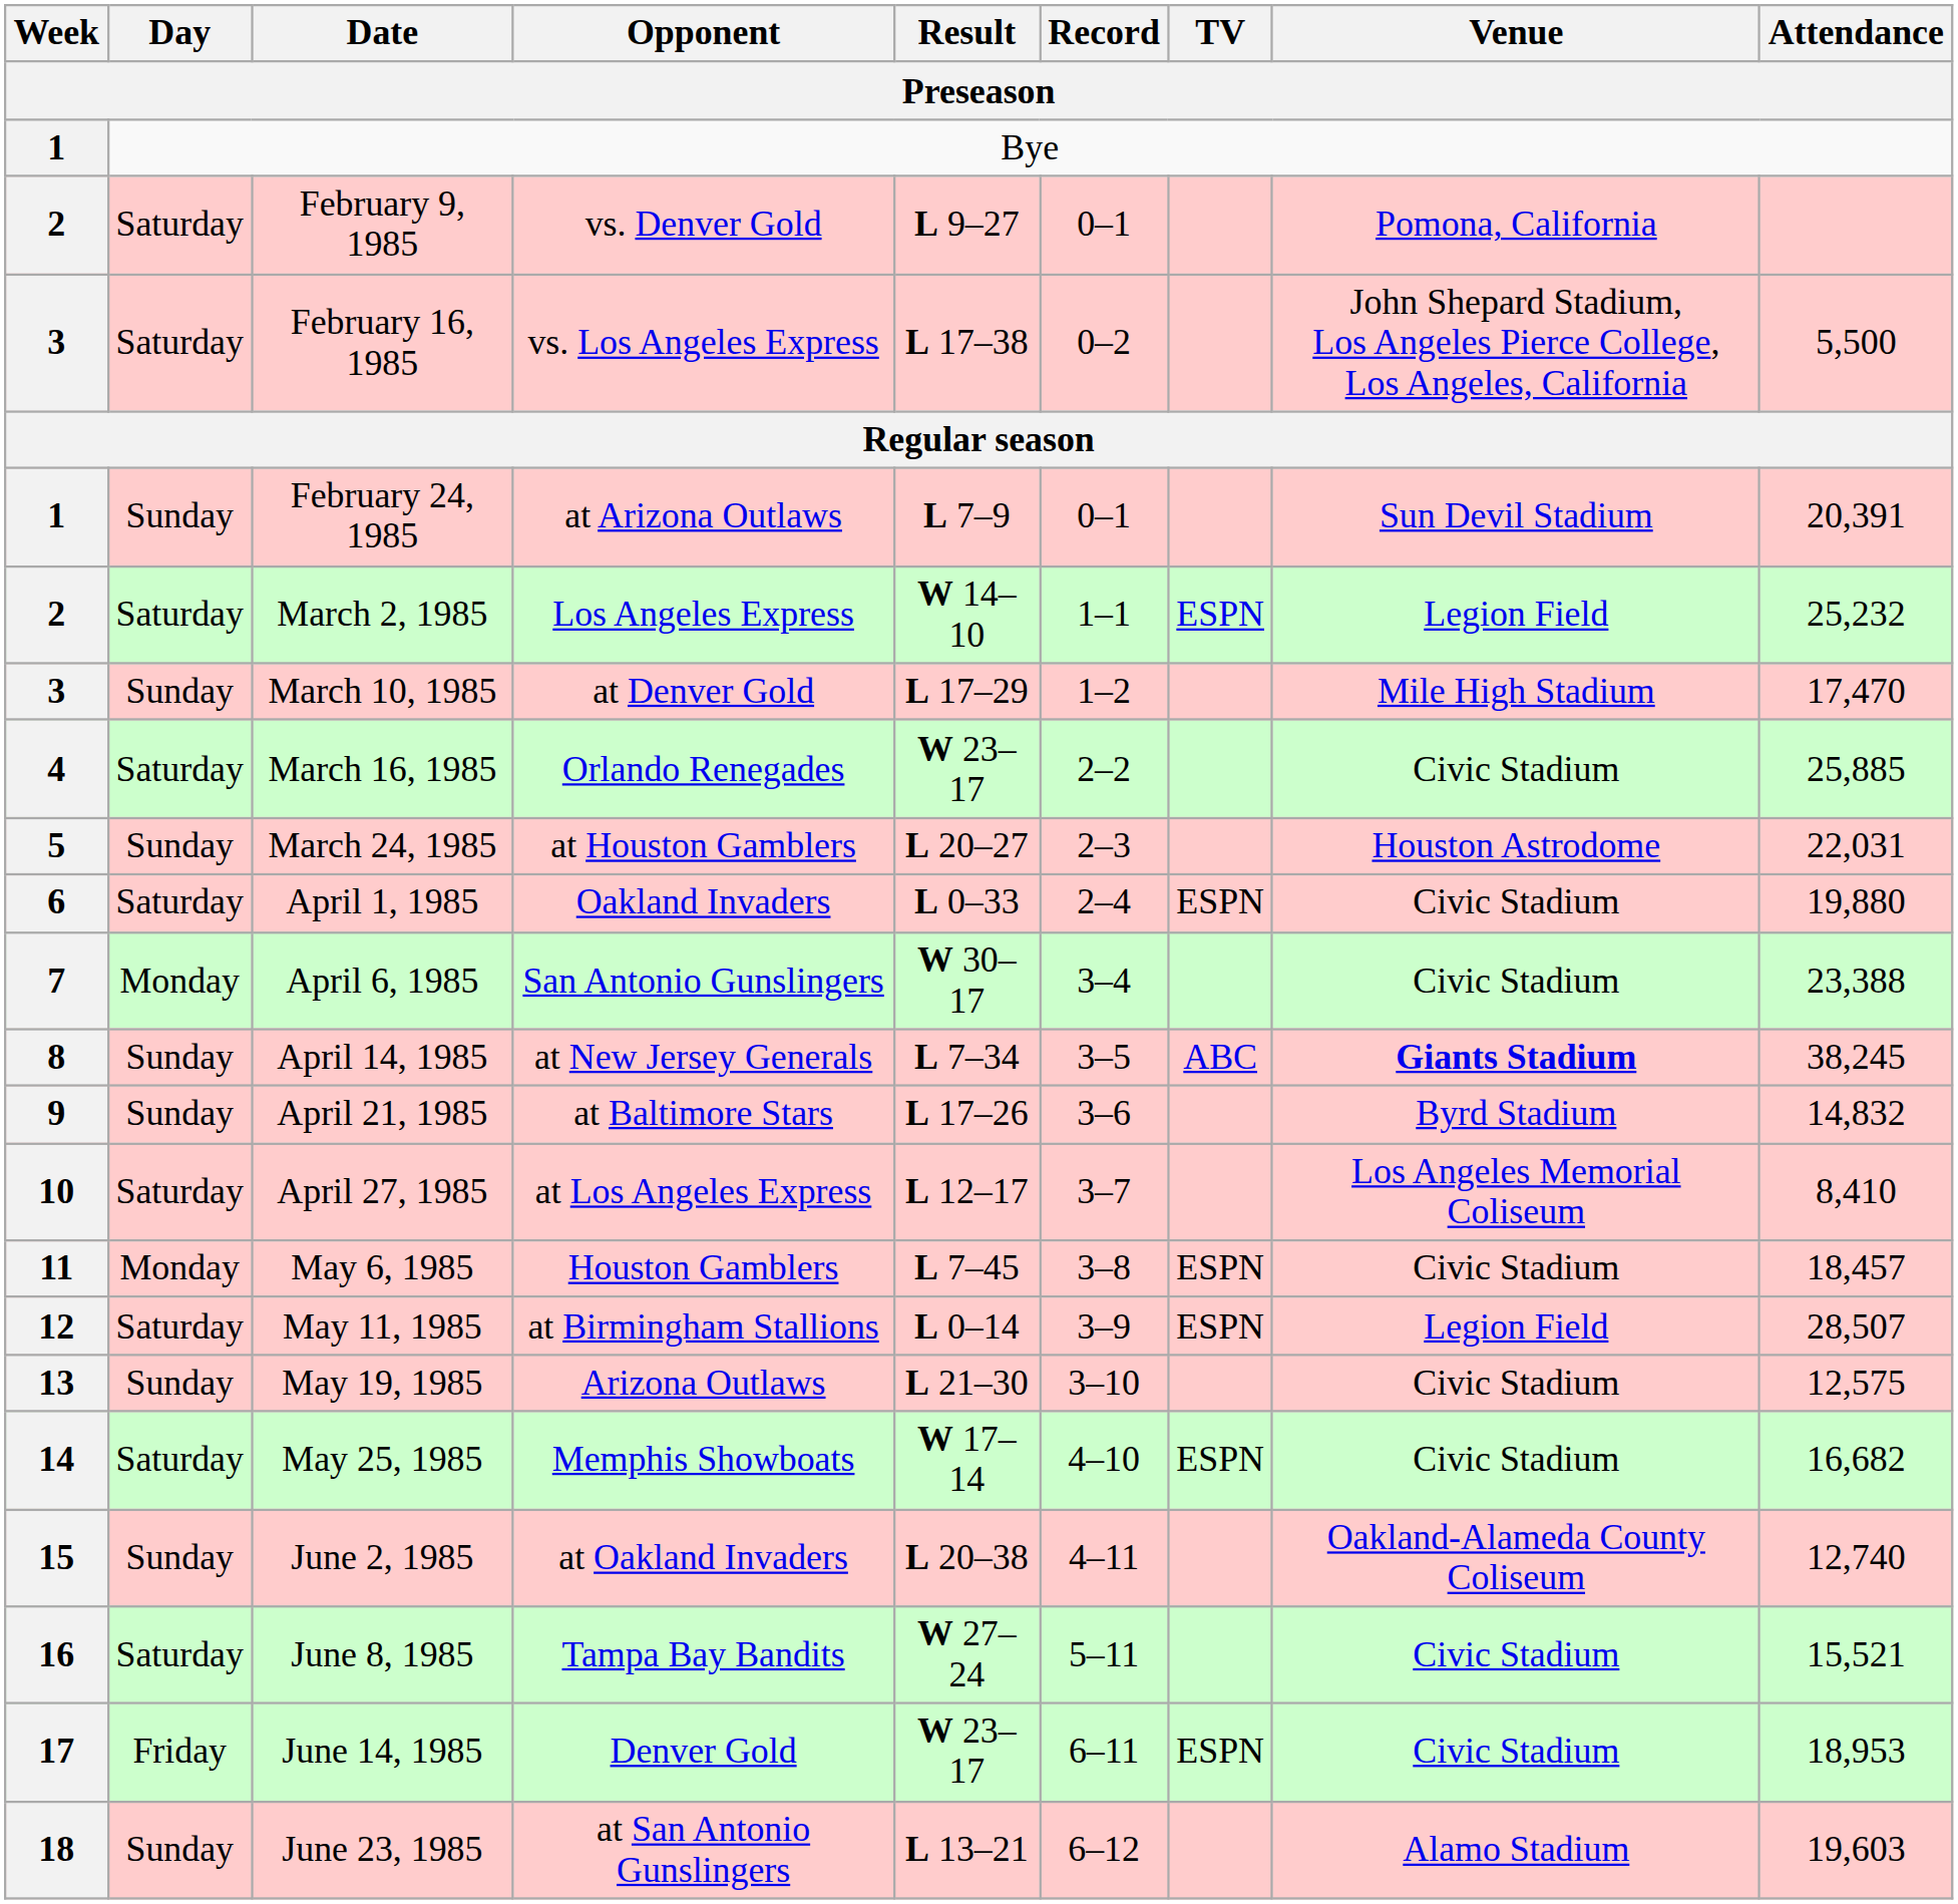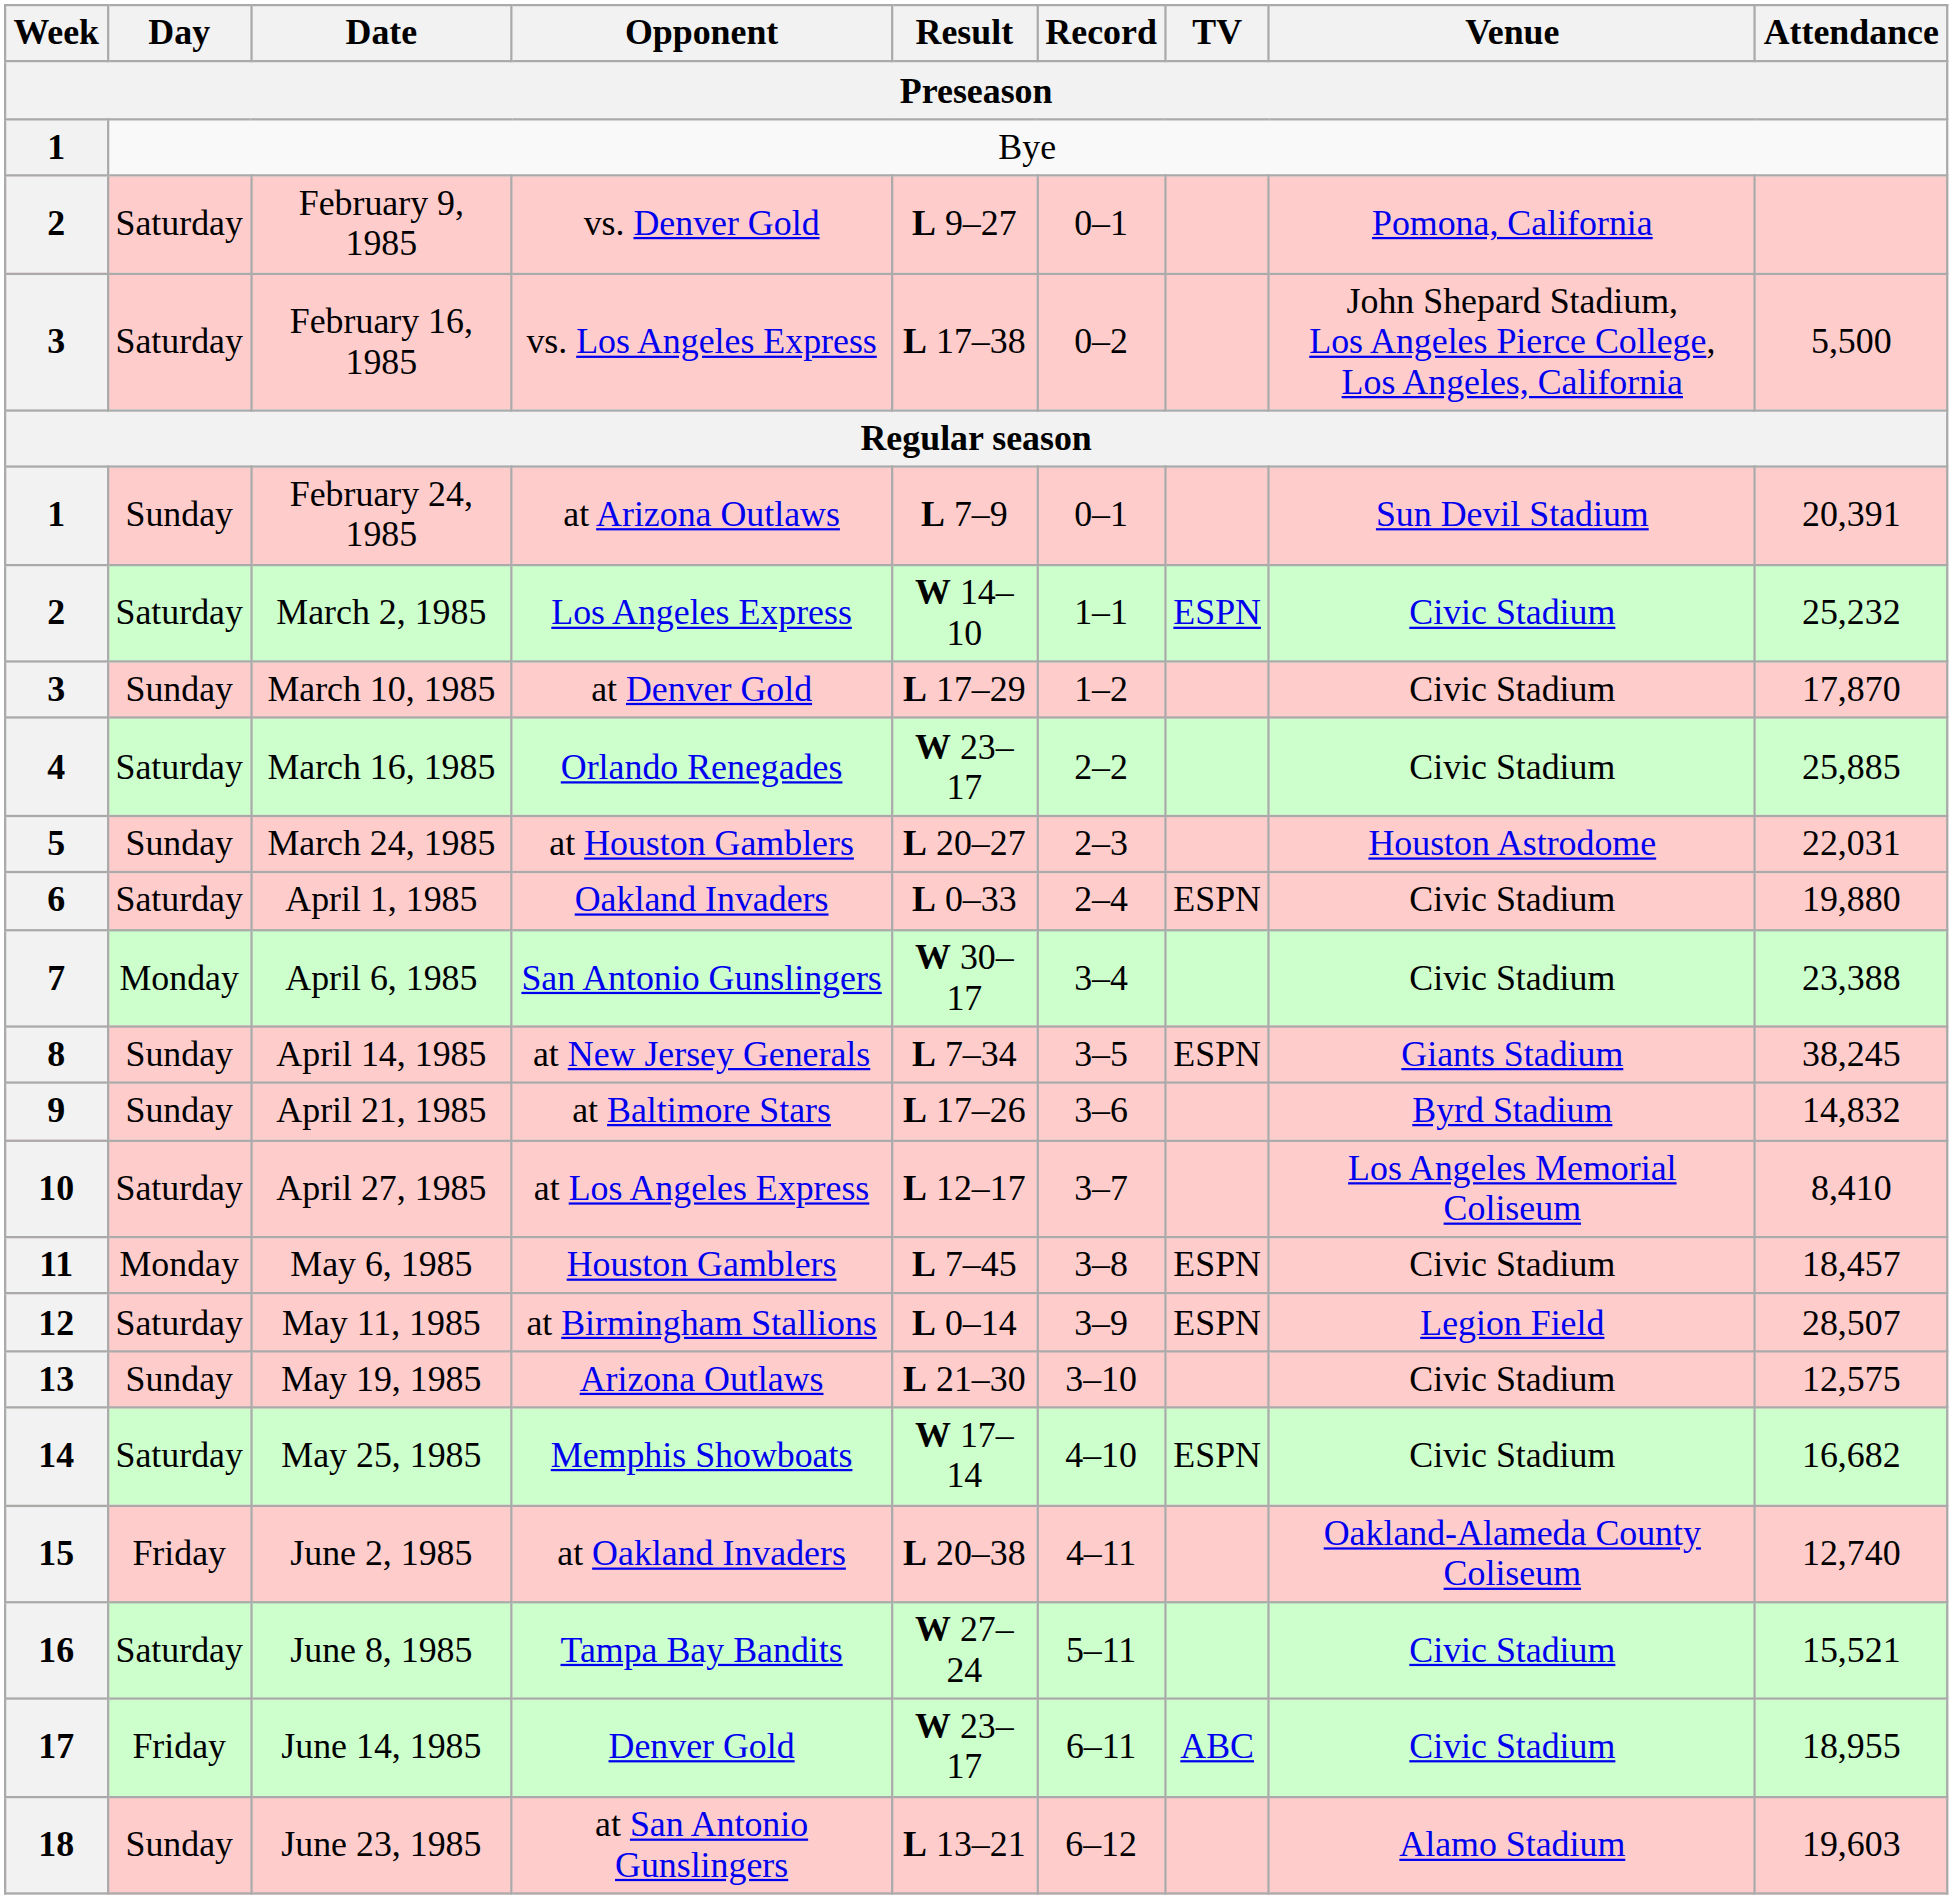 <table class="wikitable" style="text-align:center">
 <tr>
 <th>Week</th>
 <th>Day</th>
 <th>Date</th>
 <th>Opponent</th>
 <th>Result</th>
 <th>Record</th>
 <th>TV</th>
 <th>Venue</th>
 <th>Attendance</th>
 </tr>
 <tr>
 <th colspan="9">Preseason</th>
 </tr>
 <tr>
 <th>1</th>
 <td colspan=8>Bye</td>
 </tr>
 <tr style="background:#fcc">
 <th>2</th>
 <td>Saturday</td>
 <td>February 9, 1985</td>
 <td>vs. <a href='#'>Denver Gold</a></td>
 <td><strong>L</strong> 9–27</td>
 <td>0–1</td>
 <td></td>
 <td><a href='#'>Pomona, California</a></td>
 <td></td>
 </tr>
 <tr style="background:#fcc">
 <th>3</th>
 <td>Saturday</td>
 <td>February 16, 1985</td>
 <td>vs. <a href='#'>Los Angeles Express</a></td>
 <td><strong>L</strong> 17–38</td>
 <td>0–2</td>
 <td></td>
 <td>John Shepard Stadium,<br><a href='#'>Los Angeles Pierce College</a>,<br><a href='#'>Los Angeles, California</a></td>
 <td>5,500</td>
 </tr>
 <tr>
 <th colspan="9">Regular season</th>
 </tr>
 <tr style="background:#fcc">
 <th>1</th>
 <td>Sunday</td>
 <td>February 24, 1985</td>
 <td>at <a href='#'>Arizona Outlaws</a></td>
 <td><strong>L</strong> 7–9</td>
 <td>0–1</td>
 <td></td>
 <td><a href='#'>Sun Devil Stadium</a></td>
 <td>20,391</td>
 </tr>
 <tr style="background:#cfc">
 <th>2</th>
 <td>Saturday</td>
 <td>March 2, 1985</td>
 <td><a href='#'>Los Angeles Express</a></td>
 <td><strong>W</strong> 14–10</td>
 <td>1–1</td>
 <td><a href='#'>ESPN</a></td>
-<td><a href='#'>Legion Field</a></td>
+<td><a href='#'>Civic Stadium</a></td>
 <td>25,232</td>
 </tr>
 <tr style="background:#fcc">
 <th>3</th>
 <td>Sunday</td>
 <td>March 10, 1985</td>
 <td>at <a href='#'>Denver Gold</a></td>
 <td><strong>L</strong> 17–29</td>
 <td>1–2</td>
 <td></td>
-<td><a href='#'>Mile High Stadium</a></td>
-<td>17,470</td>
+<td>Civic Stadium</td>
+<td>17,870</td>
 </tr>
 <tr style="background:#cfc">
 <th>4</th>
 <td>Saturday</td>
 <td>March 16, 1985</td>
 <td><a href='#'>Orlando Renegades</a></td>
 <td><strong>W</strong> 23–17</td>
 <td>2–2</td>
 <td></td>
 <td>Civic Stadium</td>
 <td>25,885</td>
 </tr>
 <tr style="background:#fcc">
 <th>5</th>
 <td>Sunday</td>
 <td>March 24, 1985</td>
 <td>at <a href='#'>Houston Gamblers</a></td>
 <td><strong>L</strong> 20–27</td>
 <td>2–3</td>
 <td></td>
 <td><a href='#'>Houston Astrodome</a></td>
 <td>22,031</td>
 </tr>
 <tr style="background:#fcc">
 <th>6</th>
 <td>Saturday</td>
 <td>April 1, 1985</td>
 <td><a href='#'>Oakland Invaders</a></td>
 <td><strong>L</strong> 0–33</td>
 <td>2–4</td>
 <td>ESPN</td>
 <td>Civic Stadium</td>
 <td>19,880</td>
 </tr>
 <tr style="background:#cfc">
 <th>7</th>
 <td>Monday</td>
 <td>April 6, 1985</td>
 <td><a href='#'>San Antonio Gunslingers</a></td>
 <td><strong>W</strong> 30–17</td>
 <td>3–4</td>
 <td></td>
 <td>Civic Stadium</td>
 <td>23,388</td>
 </tr>
 <tr style="background:#fcc">
 <th>8</th>
 <td>Sunday</td>
 <td>April 14, 1985</td>
 <td>at <a href='#'>New Jersey Generals</a></td>
 <td><strong>L</strong> 7–34</td>
 <td>3–5</td>
-<td><a href='#'>ABC</a></td>
-<td><strong><a href='#'>Giants Stadium</a></strong></td>
+<td>ESPN</td>
+<td><a href='#'>Giants Stadium</a></td>
 <td>38,245</td>
 </tr>
 <tr style="background:#fcc">
 <th>9</th>
 <td>Sunday</td>
 <td>April 21, 1985</td>
 <td>at <a href='#'>Baltimore Stars</a></td>
 <td><strong>L</strong> 17–26</td>
 <td>3–6</td>
 <td></td>
 <td><a href='#'>Byrd Stadium</a></td>
 <td>14,832</td>
 </tr>
 <tr style="background:#fcc">
 <th>10</th>
 <td>Saturday</td>
 <td>April 27, 1985</td>
 <td>at <a href='#'>Los Angeles Express</a></td>
 <td><strong>L</strong> 12–17</td>
 <td>3–7</td>
 <td></td>
 <td><a href='#'>Los Angeles Memorial Coliseum</a></td>
 <td>8,410</td>
 </tr>
 <tr style="background:#fcc">
 <th>11</th>
 <td>Monday</td>
 <td>May 6, 1985</td>
 <td><a href='#'>Houston Gamblers</a></td>
 <td><strong>L</strong> 7–45</td>
 <td>3–8</td>
 <td>ESPN</td>
 <td>Civic Stadium</td>
 <td>18,457</td>
 </tr>
 <tr style="background:#fcc">
 <th>12</th>
 <td>Saturday</td>
 <td>May 11, 1985</td>
 <td>at <a href='#'>Birmingham Stallions</a></td>
 <td><strong>L</strong> 0–14</td>
 <td>3–9</td>
 <td>ESPN</td>
 <td><a href='#'>Legion Field</a></td>
 <td>28,507</td>
 </tr>
 <tr style="background:#fcc">
 <th>13</th>
 <td>Sunday</td>
 <td>May 19, 1985</td>
 <td><a href='#'>Arizona Outlaws</a></td>
 <td><strong>L</strong> 21–30</td>
 <td>3–10</td>
 <td></td>
 <td>Civic Stadium</td>
 <td>12,575</td>
 </tr>
 <tr style="background:#cfc">
 <th>14</th>
 <td>Saturday</td>
 <td>May 25, 1985</td>
 <td><a href='#'>Memphis Showboats</a></td>
 <td><strong>W</strong> 17–14</td>
 <td>4–10</td>
 <td>ESPN</td>
 <td>Civic Stadium</td>
 <td>16,682</td>
 </tr>
 <tr style="background:#fcc">
 <th>15</th>
-<td>Sunday</td>
+<td>Friday</td>
 <td>June 2, 1985</td>
 <td>at <a href='#'>Oakland Invaders</a></td>
 <td><strong>L</strong> 20–38</td>
 <td>4–11</td>
 <td></td>
 <td><a href='#'>Oakland-Alameda County Coliseum</a></td>
 <td>12,740</td>
 </tr>
 <tr style="background:#cfc">
 <th>16</th>
 <td>Saturday</td>
 <td>June 8, 1985</td>
 <td><a href='#'>Tampa Bay Bandits</a></td>
 <td><strong>W</strong> 27–24</td>
 <td>5–11</td>
 <td></td>
 <td><a href='#'>Civic Stadium</a></td>
 <td>15,521</td>
 </tr>
 <tr style="background:#cfc">
 <th>17</th>
 <td>Friday</td>
 <td>June 14, 1985</td>
 <td><a href='#'>Denver Gold</a></td>
 <td><strong>W</strong> 23–17</td>
 <td>6–11</td>
-<td>ESPN</td>
+<td><a href='#'>ABC</a></td>
 <td><a href='#'>Civic Stadium</a></td>
-<td>18,953</td>
+<td>18,955</td>
 </tr>
 <tr style="background:#fcc">
 <th>18</th>
 <td>Sunday</td>
 <td>June 23, 1985</td>
 <td>at <a href='#'>San Antonio Gunslingers</a></td>
 <td><strong>L</strong> 13–21</td>
 <td>6–12</td>
 <td></td>
 <td><a href='#'>Alamo Stadium</a></td>
 <td>19,603</td>
 </tr>
 </table>
